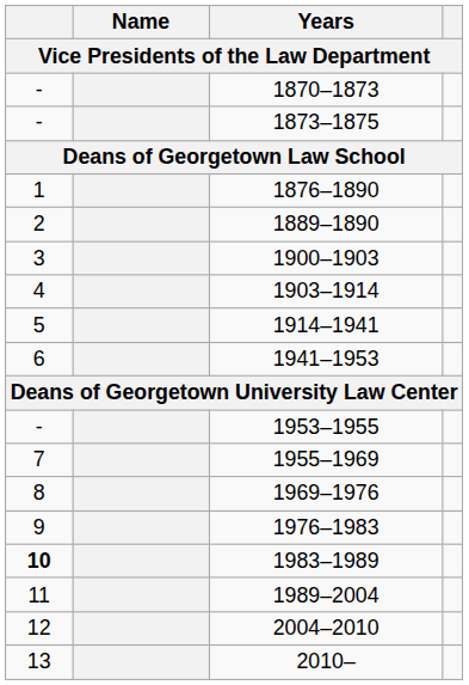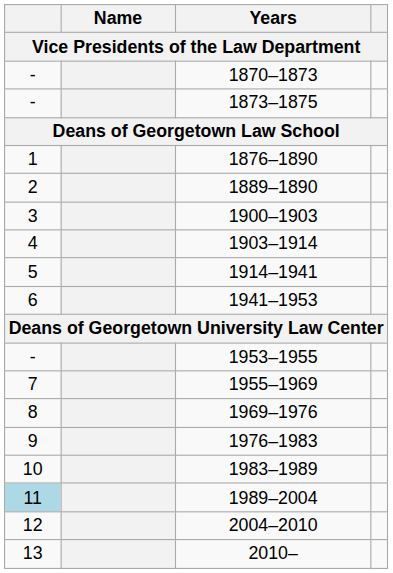 <table class="wikitable sortable plainrowheaders">
 <tr>
 <th scope="col"></th>
 <th scope="col">Name</th>
 <th scope="col">Years</th>
 <th scope="col" class="unsortable"></th>
 </tr>
 <tr>
 <th colspan="4" align="center">Vice Presidents of the Law Department</th>
 </tr>
 <tr>
 <td align="center">-</td>
 <th scope="row"></th>
 <td align="center">1870–1873</td>
 <td align="center"></td>
 </tr>
 <tr>
 <td align="center">-</td>
 <th scope="row"></th>
 <td align="center">1873–1875</td>
 <td align="center"></td>
 </tr>
 <tr>
 <th colspan="4" align="center">Deans of Georgetown Law School</th>
 </tr>
 <tr>
 <td align="center">1</td>
 <th scope="row"></th>
 <td align="center">1876–1890</td>
 <td align="center"></td>
 </tr>
 <tr>
 <td align="center">2</td>
 <th scope="row"></th>
 <td align="center">1889–1890</td>
 <td align="center"></td>
 </tr>
 <tr>
 <td align="center">3</td>
 <th scope="row"></th>
 <td align="center">1900–1903</td>
 <td align="center"></td>
 </tr>
 <tr>
 <td align="center">4</td>
 <th scope="row"></th>
 <td align="center">1903–1914</td>
 <td align="center"></td>
 </tr>
 <tr>
 <td align="center">5</td>
 <th scope="row"></th>
 <td align="center">1914–1941</td>
 <td align="center"></td>
 </tr>
 <tr>
 <td align="center">6</td>
 <th scope="row"></th>
 <td align="center">1941–1953</td>
 <td align="center"></td>
 </tr>
 <tr>
 <th colspan="4">Deans of Georgetown University Law Center</th>
 </tr>
 <tr>
 <td align="center">-</td>
 <th scope="row"></th>
 <td align="center">1953–1955</td>
 <td align="center"></td>
 </tr>
 <tr>
 <td align="center">7</td>
 <th scope="row"></th>
 <td align="center">1955–1969</td>
 <td align="center"></td>
 </tr>
 <tr>
 <td align="center">8</td>
 <th scope="row"></th>
 <td align="center">1969–1976</td>
 <td align="center"></td>
 </tr>
 <tr>
 <td align="center">9</td>
 <th scope="row"></th>
 <td align="center">1976–1983</td>
 <td align="center"></td>
 </tr>
 <tr>
-<td align="center"><strong>10</strong></td>
+<td align="center">10</td>
 <th scope="row"></th>
 <td align="center">1983–1989</td>
 <td align="center"></td>
 </tr>
 <tr>
-<td align="center">11</td>
+<td align="center" style="background: lightblue;">11</td>
 <th scope="row"></th>
 <td align="center">1989–2004</td>
 <td align="center"></td>
 </tr>
 <tr>
 <td align="center">12</td>
 <th scope="row"></th>
 <td align="center">2004–2010</td>
 <td align="center"></td>
 </tr>
 <tr>
 <td align="center">13</td>
 <th scope="row"></th>
 <td align="center">2010–</td>
 <td align="center"></td>
 </tr>
 </table>
